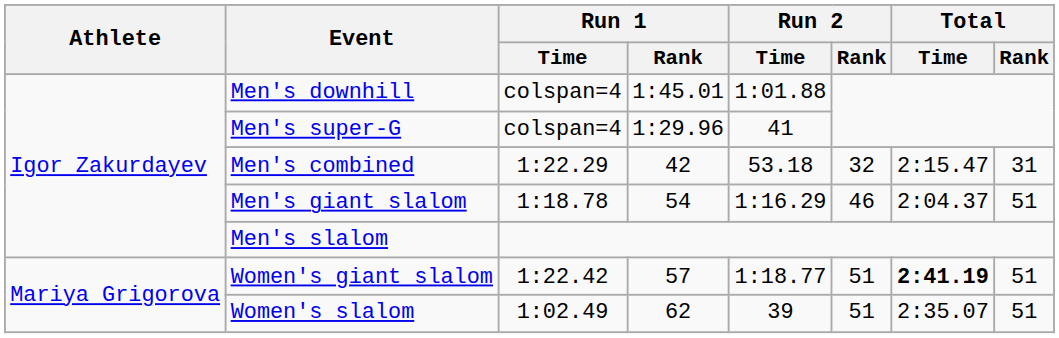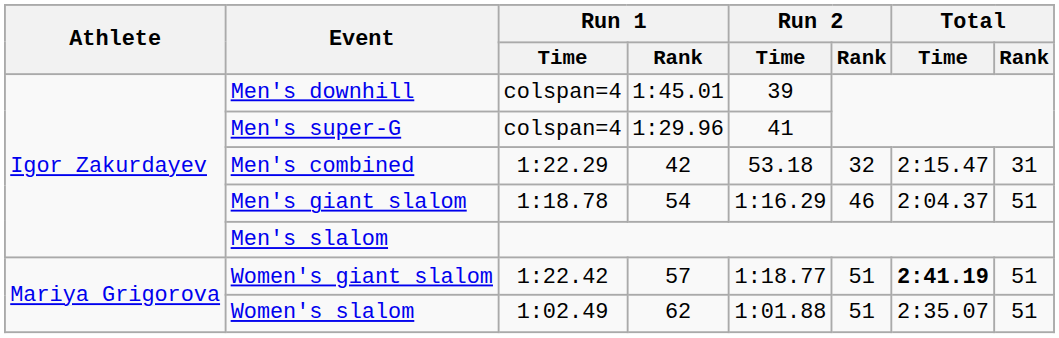 <table class="wikitable" style="font-size:90%">
 <tr>
 <th rowspan=2>Athlete</th>
 <th rowspan=2>Event</th>
 <th colspan=2>Run 1</th>
 <th colspan=2>Run 2</th>
 <th colspan=2>Total</th>
 </tr>
 <tr style="font-size:95%">
 <th>Time</th>
 <th>Rank</th>
 <th>Time</th>
 <th>Rank</th>
 <th>Time</th>
 <th>Rank</th>
 </tr>
 <tr align=center>
 <td align=left rowspan=5><a href='#'>Igor Zakurdayev</a></td>
 <td align=left><a href='#'>Men's downhill</a></td>
 <td>colspan=4 </td>
 <td>1:45.01</td>
-<td>1:01.88</td>
+<td>39</td>
 </tr>
 <tr align=center>
 <td align=left><a href='#'>Men's super-G</a></td>
 <td>colspan=4 </td>
 <td>1:29.96</td>
 <td>41</td>
 </tr>
 <tr align=center>
 <td align=left><a href='#'>Men's combined</a></td>
 <td>1:22.29</td>
 <td>42</td>
 <td>53.18</td>
 <td>32</td>
 <td>2:15.47</td>
 <td>31</td>
 </tr>
 <tr align=center>
 <td align=left><a href='#'>Men's giant slalom</a></td>
 <td>1:18.78</td>
 <td>54</td>
 <td>1:16.29</td>
 <td>46</td>
 <td>2:04.37</td>
 <td>51</td>
 </tr>
 <tr align=center>
 <td align=left><a href='#'>Men's slalom</a></td>
 <td colspan=6></td>
 </tr>
 <tr align=center>
 <td align=left rowspan=2><a href='#'>Mariya Grigorova</a></td>
 <td align=left><a href='#'>Women's giant slalom</a></td>
 <td>1:22.42</td>
 <td>57</td>
 <td>1:18.77</td>
 <td>51</td>
 <td><strong>2:41.19</strong></td>
 <td>51</td>
 </tr>
 <tr align=center>
 <td align=left><a href='#'>Women's slalom</a></td>
 <td>1:02.49</td>
 <td>62</td>
-<td>39</td>
+<td>1:01.88</td>
 <td>51</td>
 <td>2:35.07</td>
 <td>51</td>
 </tr>
 </table>
